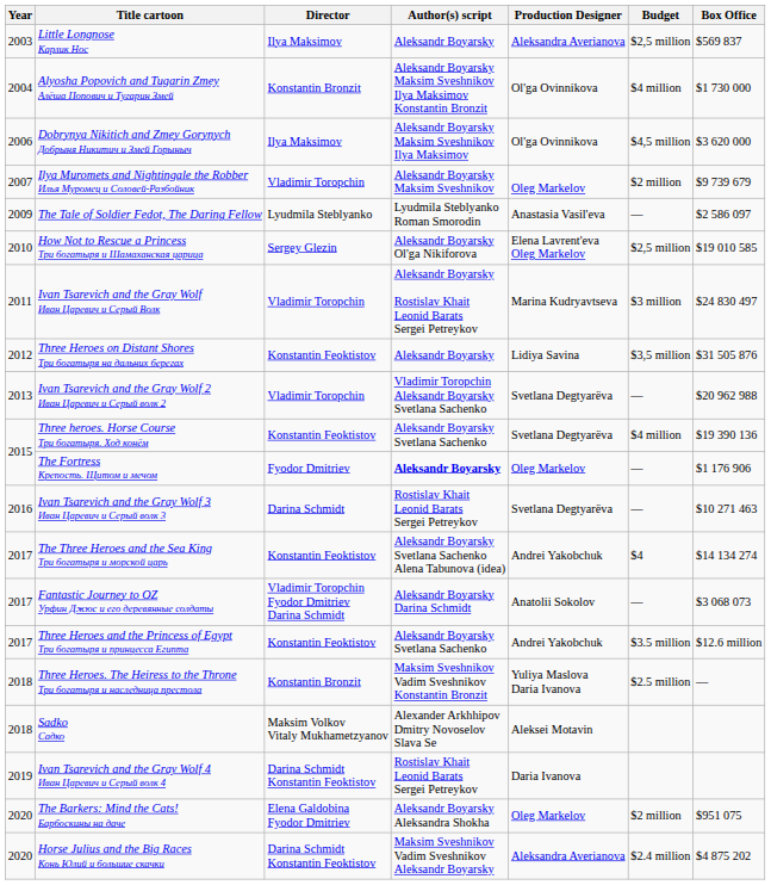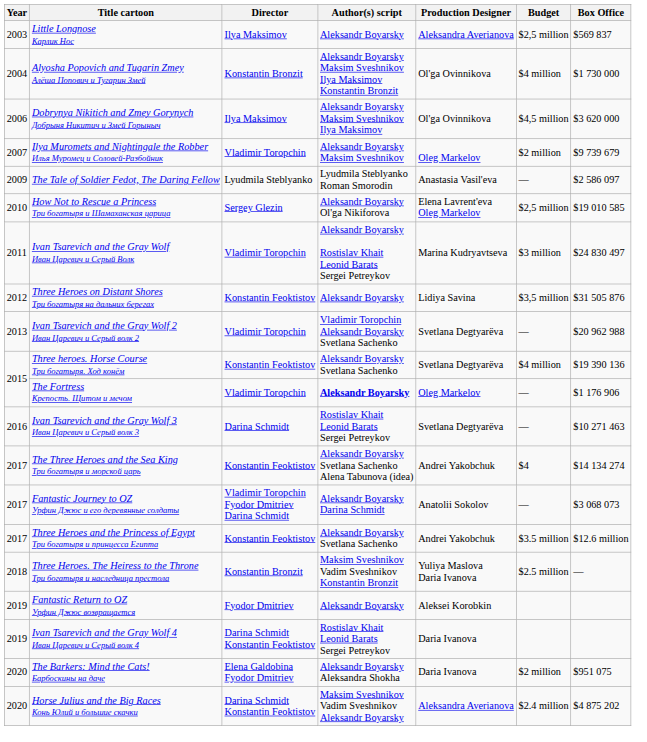 <table class="wikitable sortable">
 <tr>
 <th>Year</th>
 <th>Title cartoon</th>
 <th>Director</th>
 <th>Author(s) script</th>
 <th>Production Designer</th>
 <th>Budget</th>
 <th>Box Office</th>
 </tr>
 <tr>
 <td>2003</td>
 <td><em><a href='#'>Little Longnose</a></em> <br><small><em><a href='#'>Карлик Нос</a></em></small></td>
 <td><a href='#'>Ilya Maksimov</a></td>
 <td><a href='#'>Aleksandr Boyarsky</a></td>
 <td><a href='#'>Aleksandra Averianova</a></td>
 <td>$2,5 million</td>
 <td>$569 837</td>
 </tr>
 <tr>
 <td>2004</td>
 <td><em><a href='#'>Alyosha Popovich and Tugarin Zmey</a></em> <br><small><em><a href='#'>Алёша Попович и Тугарин Змей</a></em></small></td>
 <td><a href='#'>Konstantin Bronzit</a></td>
 <td><a href='#'>Aleksandr Boyarsky</a><br><a href='#'>Maksim Sveshnikov</a><br><a href='#'>Ilya Maksimov</a><br><a href='#'>Konstantin Bronzit</a></td>
 <td>Ol'ga Ovinnikova</td>
 <td>$4 million</td>
 <td>$1 730 000</td>
 </tr>
 <tr>
 <td>2006</td>
 <td><em><a href='#'>Dobrynya Nikitich and Zmey Gorynych</a></em> <br><small><em><a href='#'>Добрыня Никитич и Змей Горыныч</a></em></small></td>
 <td><a href='#'>Ilya Maksimov</a></td>
 <td><a href='#'>Aleksandr Boyarsky</a><br><a href='#'>Maksim Sveshnikov</a><br><a href='#'>Ilya Maksimov</a></td>
 <td>Ol'ga Ovinnikova</td>
 <td>$4,5 million</td>
 <td>$3 620 000</td>
 </tr>
 <tr>
 <td>2007</td>
 <td><em><a href='#'>Ilya Muromets and Nightingale the Robber</a></em> <br><small><em><a href='#'>Илья Муромец и Соловей-Разбойник</a></em></small></td>
 <td><a href='#'>Vladimir Toropchin</a></td>
 <td><a href='#'>Aleksandr Boyarsky</a><br><a href='#'>Maksim Sveshnikov</a></td>
 <td><br><a href='#'>Oleg Markelov</a></td>
 <td>$2 million</td>
 <td>$9 739 679</td>
 </tr>
 <tr>
 <td>2009</td>
 <td><em><a href='#'>The Tale of Soldier Fedot, The Daring Fellow</a></em></td>
 <td>Lyudmila Steblyanko</td>
 <td>Lyudmila Steblyanko<br>Roman Smorodin</td>
 <td>Anastasia Vasil'eva</td>
 <td>—</td>
 <td>$2 586 097</td>
 </tr>
 <tr>
 <td>2010</td>
 <td><em><a href='#'>How Not to Rescue a Princess</a></em> <br><small><em><a href='#'>Три богатыря и Шамаханская царица</a></em></small></td>
 <td><a href='#'>Sergey Glezin</a></td>
 <td><a href='#'>Aleksandr Boyarsky</a><br>Ol'ga Nikiforova</td>
 <td>Elena Lavrent'eva<br><a href='#'>Oleg Markelov</a></td>
 <td>$2,5 million</td>
 <td>$19 010 585</td>
 </tr>
 <tr>
 <td>2011</td>
 <td><em><a href='#'>Ivan Tsarevich and the Gray Wolf</a></em> <br><small><em><a href='#'>Иван Царевич и Серый Волк</a></em></small></td>
 <td><a href='#'>Vladimir Toropchin</a></td>
 <td><a href='#'>Aleksandr Boyarsky</a><br><br><a href='#'>Rostislav Khait</a><br> <a href='#'>Leonid Barats</a><br> Sergei Petreykov</td>
 <td>Marina Kudryavtseva</td>
 <td>$3 million</td>
 <td>$24 830 497</td>
 </tr>
 <tr>
 <td>2012</td>
 <td><em><a href='#'>Three Heroes on Distant Shores</a></em> <br><small><em><a href='#'>Три богатыря на дальних берегах</a></em></small></td>
 <td><a href='#'>Konstantin Feoktistov</a></td>
 <td><a href='#'>Aleksandr Boyarsky</a></td>
 <td>Lidiya Savina</td>
 <td>$3,5 million</td>
 <td>$31 505 876</td>
 </tr>
 <tr>
 <td>2013</td>
 <td><em><a href='#'>Ivan Tsarevich and the Gray Wolf 2</a></em> <br><small><em><a href='#'>Иван Царевич и Серый волк 2</a></em></small></td>
 <td><a href='#'>Vladimir Toropchin</a></td>
 <td><a href='#'>Vladimir Toropchin</a><br><a href='#'>Aleksandr Boyarsky</a><br>Svetlana Sachenko</td>
 <td>Svetlana Degtyarёva</td>
 <td>—</td>
 <td>$20 962 988</td>
 </tr>
 <tr>
 <td rowspan="2">2015</td>
 <td><em><a href='#'>Three heroes. Horse Course</a></em> <br><small><em><a href='#'>Три богатыря. Ход конём</a></em></small></td>
 <td><a href='#'>Konstantin Feoktistov</a></td>
 <td><a href='#'>Aleksandr Boyarsky</a><br>Svetlana Sachenko</td>
 <td>Svetlana Degtyarёva</td>
 <td>$4 million</td>
 <td>$19 390 136<br> <small></small><small></small></td>
 </tr>
 <tr>
 <td><em><a href='#'>The Fortress</a></em> <br><small><em><a href='#'>Крепость. Щитом и мечом</a></em></small></td>
-<td><a href='#'>Fyodor Dmitriev</a></td>
+<td><a href='#'>Vladimir Toropchin</a></td>
 <td><strong><a href='#'>Aleksandr Boyarsky</a></strong></td>
 <td><a href='#'>Oleg Markelov</a></td>
 <td>—</td>
 <td>$1 176 906 <br> <small></small><small></small></td>
 </tr>
 <tr>
 <td>2016</td>
 <td><em><a href='#'>Ivan Tsarevich and the Gray Wolf 3</a></em> <br><small><em><a href='#'>Иван Царевич и Серый волк 3</a></em></small></td>
 <td><a href='#'>Darina Schmidt</a></td>
 <td><a href='#'>Rostislav Khait</a><br><a href='#'>Leonid Barats</a><br>Sergei Petreykov</td>
 <td>Svetlana Degtyarёva</td>
 <td>—</td>
 <td>$10 271 463 <br> <small></small><small></small></td>
 </tr>
 <tr>
 <td>2017</td>
 <td><em><a href='#'>The Three Heroes and the Sea King</a></em> <br><small><em><a href='#'>Три богатыря и морской царь</a></em></small></td>
 <td><a href='#'>Konstantin Feoktistov</a></td>
 <td><a href='#'>Aleksandr Boyarsky</a><br>Svetlana Sachenko<br>Alena Tabunova (idea)</td>
 <td>Andrei Yakobchuk</td>
 <td>$4</td>
 <td>$14 134 274 <br> <small></small><small></small></td>
 </tr>
 <tr>
 <td>2017</td>
 <td><em><a href='#'>Fantastic Journey to OZ</a></em> <br><small><em><a href='#'>Урфин Джюс и его деревянные солдаты</a></em></small></td>
 <td><a href='#'>Vladimir Toropchin</a><br><a href='#'>Fyodor Dmitriev</a><br><a href='#'>Darina Schmidt</a></td>
 <td><a href='#'>Aleksandr Boyarsky</a><br><a href='#'>Darina Schmidt</a></td>
 <td>Anatolii Sokolov</td>
 <td>—</td>
 <td>$3 068 073 <br> <small></small><small></small></td>
 </tr>
 <tr>
 <td>2017</td>
 <td><em><a href='#'>Three Heroes and the Princess of Egypt</a></em> <br><small><em><a href='#'>Три богатыря и принцесса Египта</a></em></small></td>
 <td><a href='#'>Konstantin Feoktistov</a></td>
 <td><a href='#'>Aleksandr Boyarsky</a><br>Svetlana Sachenko</td>
 <td>Andrei Yakobchuk</td>
 <td>$3.5 million</td>
 <td>$12.6 million</td>
 </tr>
 <tr>
 <td>2018</td>
 <td><em><a href='#'>Three Heroes. The Heiress to the Throne</a></em> <br><small><em><a href='#'>Три богатыря и наследница престола</a></em></small></td>
 <td><a href='#'>Konstantin Bronzit</a></td>
 <td><a href='#'>Maksim Sveshnikov</a><br>Vadim Sveshnikov<br><a href='#'>Konstantin Bronzit</a></td>
 <td>Yuliya Maslova<br>Daria Ivanova</td>
 <td>$2.5 million</td>
 <td>—</td>
 </tr>
 <tr>
-<td>2018</td>
-<td><em><a href='#'>Sadko</a></em> <br><small><em><a href='#'>Садко</a></em></small></td>
-<td>Maksim Volkov<br>Vitaly Mukhametzyanov</td>
-<td>Alexander Arkhhipov  <br>Dmitry Novoselov <br>Slava Se</td>
-<td>Aleksei Motavin</td>
+<td>2019</td>
+<td><em><a href='#'>Fantastic Return to OZ</a></em><br><small><em><a href='#'>Урфин Джюс возвращается</a></em></small></td>
+<td><a href='#'>Fyodor Dmitriev</a></td>
+<td><a href='#'>Aleksandr Boyarsky</a></td>
+<td>Aleksei Korobkin</td>
 <td></td>
 <td></td>
 </tr>
 <tr>
 <td>2019</td>
 <td><em><a href='#'>Ivan Tsarevich and the Gray Wolf 4</a></em> <br><small><em><a href='#'>Иван Царевич и Серый волк 4</a></em></small></td>
 <td><a href='#'>Darina Schmidt</a><br><a href='#'>Konstantin Feoktistov</a></td>
 <td><a href='#'>Rostislav Khait</a><br><a href='#'>Leonid Barats</a><br>Sergei Petreykov</td>
 <td>Daria Ivanova</td>
 <td></td>
 <td></td>
 </tr>
 <tr>
 <td>2020</td>
 <td><em><a href='#'>The Barkers: Mind the Cats!</a></em><br><small><em><a href='#'>Барбоскины на даче</a></em></small></td>
 <td><a href='#'>Elena Galdobina</a><br><a href='#'>Fyodor Dmitriev</a></td>
 <td><a href='#'>Aleksandr Boyarsky</a><br>Aleksandra Shokha</td>
-<td><a href='#'>Oleg Markelov</a></td>
+<td>Daria Ivanova</td>
 <td>$2 million</td>
 <td>$951 075</td>
 </tr>
 <tr>
 <td>2020</td>
 <td><em><a href='#'>Horse Julius and the Big Races</a></em><br><small><em><a href='#'>Конь Юлий и большие скачки</a></em></small></td>
 <td><a href='#'>Darina Schmidt</a><br><a href='#'>Konstantin Feoktistov</a></td>
 <td><a href='#'>Maksim Sveshnikov</a><br>Vadim Sveshnikov<br><a href='#'>Aleksandr Boyarsky</a></td>
 <td><a href='#'>Aleksandra Averianova</a></td>
 <td>$2.4 million</td>
 <td>$4 875 202</td>
 </tr>
 </table>
